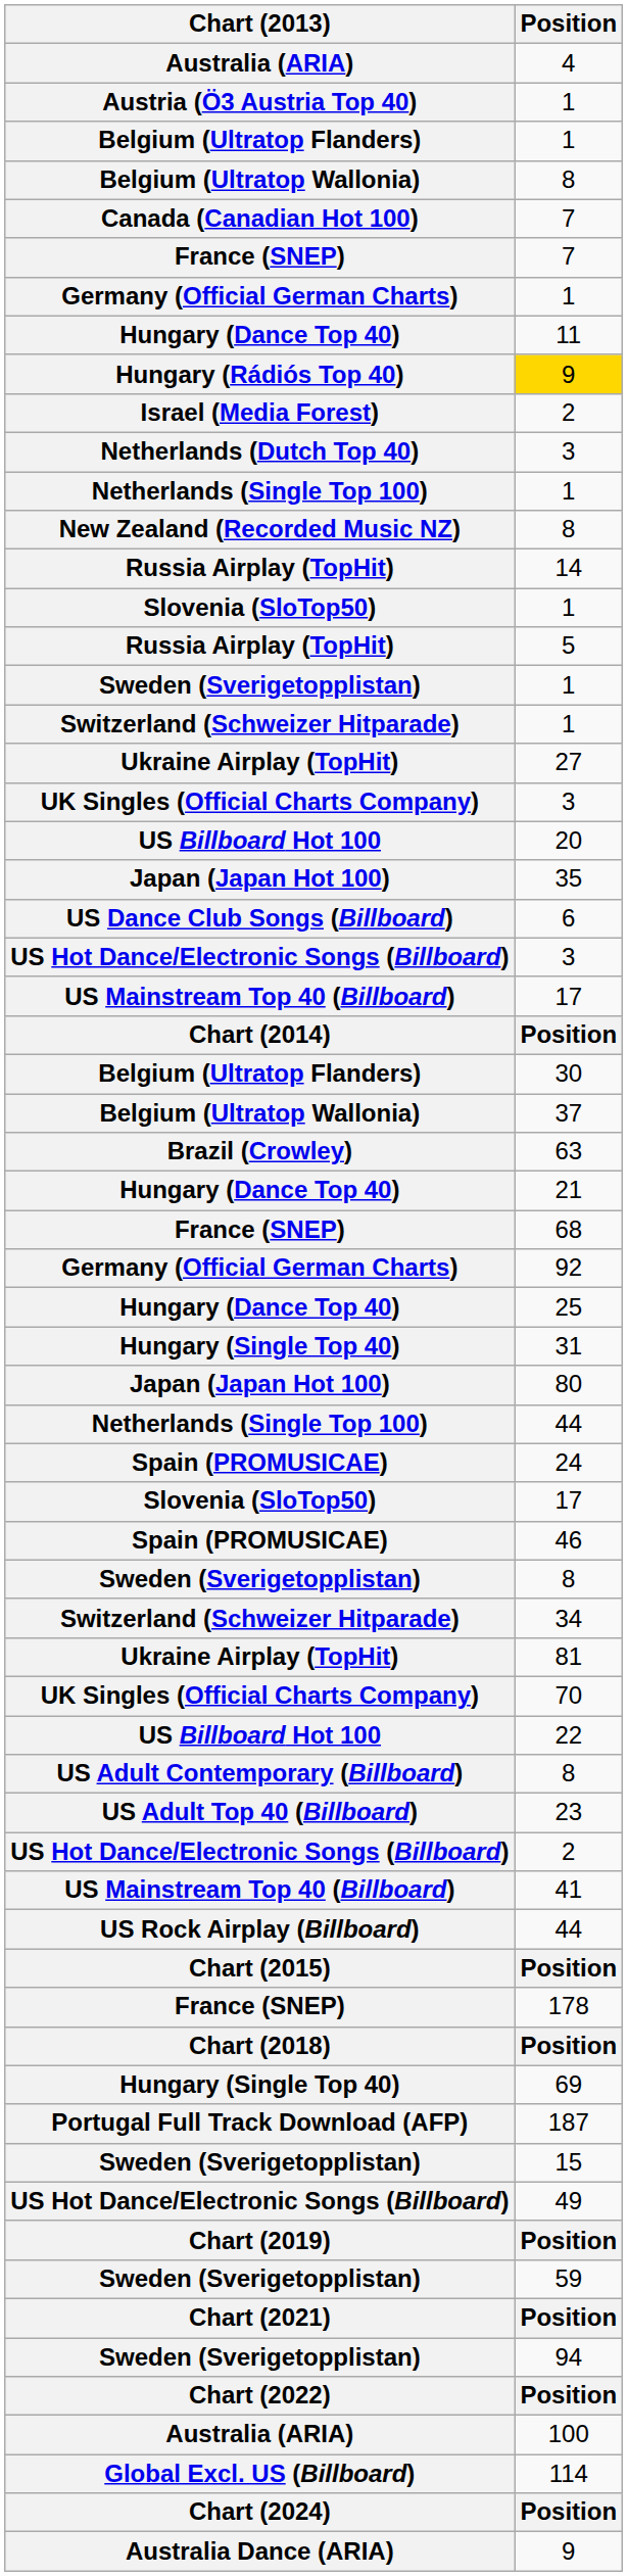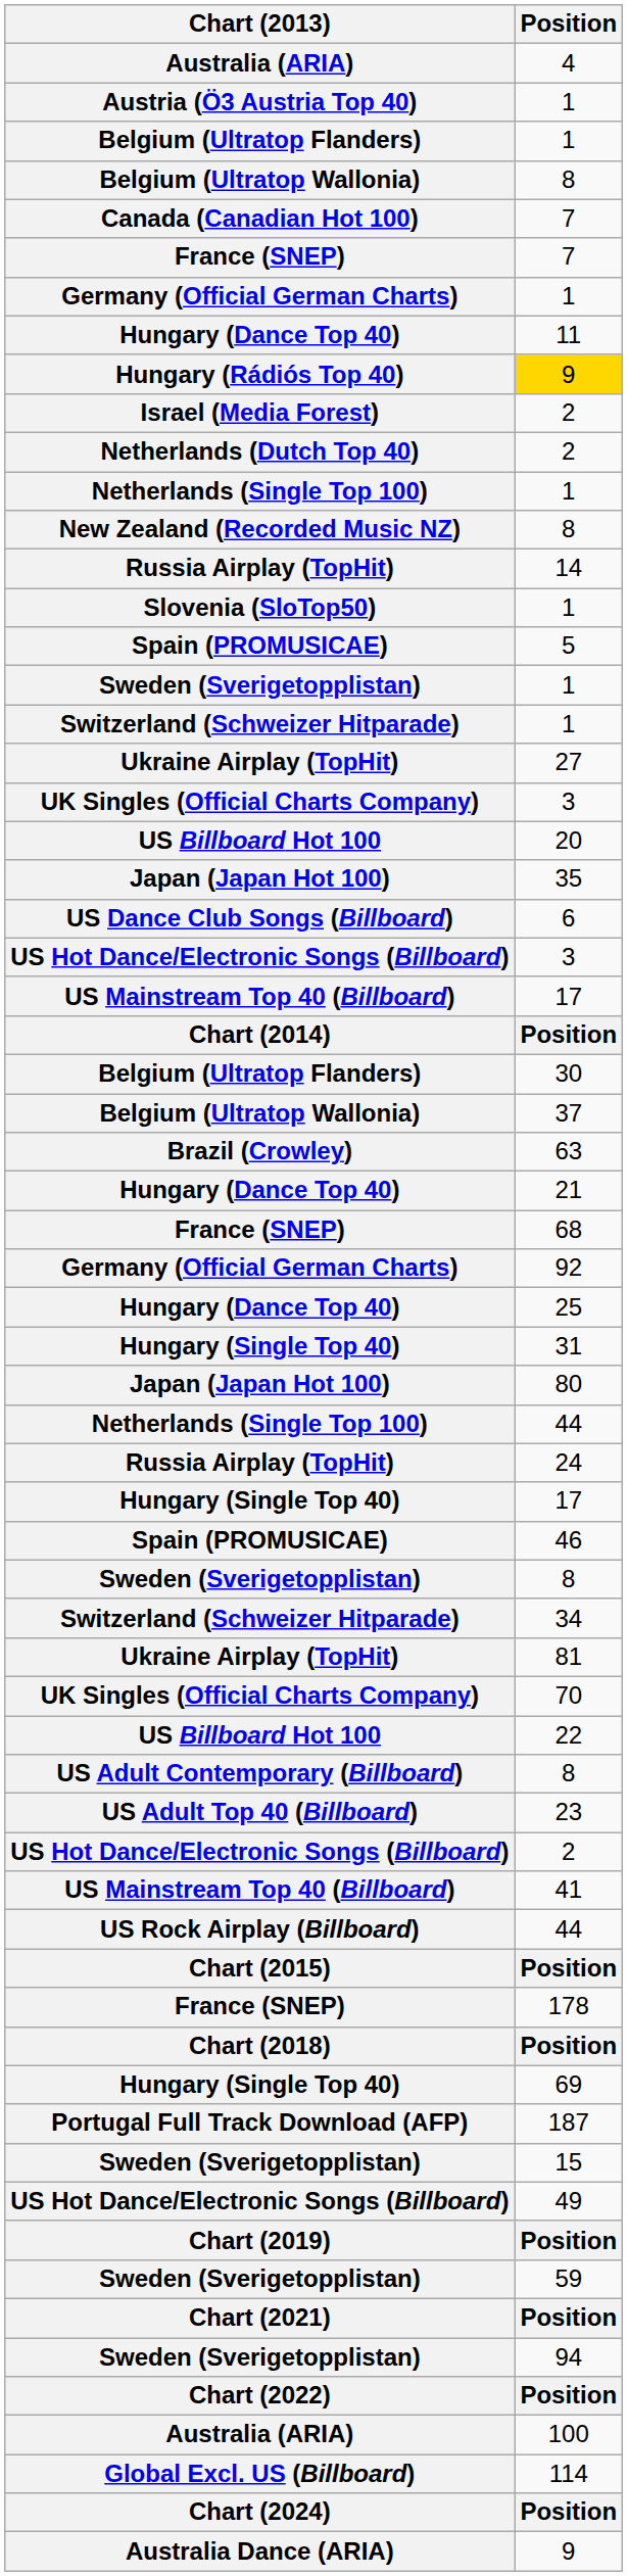 <table class="wikitable plainrowheaders sortable" style="text-align:center;">
 <tr>
 <th>Chart (2013)</th>
 <th>Position</th>
 </tr>
 <tr>
 <th scope="row">Australia (<a href='#'>ARIA</a>)</th>
 <td>4</td>
 </tr>
 <tr>
 <th scope="row">Austria (<a href='#'>Ö3 Austria Top 40</a>)</th>
 <td>1</td>
 </tr>
 <tr>
 <th scope="row">Belgium (<a href='#'>Ultratop</a> Flanders)</th>
 <td>1</td>
 </tr>
 <tr>
 <th scope="row">Belgium (<a href='#'>Ultratop</a> Wallonia)</th>
 <td>8</td>
 </tr>
 <tr>
 <th scope="row">Canada (<a href='#'>Canadian Hot 100</a>)</th>
 <td>7</td>
 </tr>
 <tr>
 <th scope="row">France (<a href='#'>SNEP</a>)</th>
 <td>7</td>
 </tr>
 <tr>
 <th scope="row">Germany (<a href='#'>Official German Charts</a>)</th>
 <td>1</td>
 </tr>
 <tr>
 <th scope="row">Hungary (<a href='#'>Dance Top 40</a>)</th>
 <td>11</td>
 </tr>
 <tr>
 <th scope="row">Hungary (<a href='#'>Rádiós Top 40</a>)</th>
 <td style="background: gold;">9</td>
 </tr>
 <tr>
 <th scope="row">Israel (<a href='#'>Media Forest</a>)</th>
 <td>2</td>
 </tr>
 <tr>
 <th scope="row">Netherlands (<a href='#'>Dutch Top 40</a>)</th>
-<td>3</td>
+<td>2</td>
 </tr>
 <tr>
 <th scope="row">Netherlands (<a href='#'>Single Top 100</a>)</th>
 <td>1</td>
 </tr>
 <tr>
 <th scope="row">New Zealand (<a href='#'>Recorded Music NZ</a>)</th>
 <td>8</td>
 </tr>
 <tr>
 <th scope="row">Russia Airplay (<a href='#'>TopHit</a>)</th>
 <td>14</td>
 </tr>
 <tr>
 <th scope="row">Slovenia (<a href='#'>SloTop50</a>)</th>
 <td>1</td>
 </tr>
 <tr>
-<th scope="row">Russia Airplay (<a href='#'>TopHit</a>)</th>
+<th scope="row">Spain (<a href='#'>PROMUSICAE</a>)</th>
 <td>5</td>
 </tr>
 <tr>
 <th scope="row">Sweden (<a href='#'>Sverigetopplistan</a>)</th>
 <td>1</td>
 </tr>
 <tr>
 <th scope="row">Switzerland (<a href='#'>Schweizer Hitparade</a>)</th>
 <td>1</td>
 </tr>
 <tr>
 <th scope="row">Ukraine Airplay (<a href='#'>TopHit</a>)</th>
 <td>27</td>
 </tr>
 <tr>
 <th scope="row">UK Singles (<a href='#'>Official Charts Company</a>)</th>
 <td>3</td>
 </tr>
 <tr>
 <th scope="row">US <a href='#'><em>Billboard</em> Hot 100</a></th>
 <td>20</td>
 </tr>
 <tr>
 <th scope="row">Japan (<a href='#'>Japan Hot 100</a>)</th>
 <td>35</td>
 </tr>
 <tr>
 <th scope="row">US <a href='#'>Dance Club Songs</a> (<em><a href='#'>Billboard</a></em>)</th>
 <td>6</td>
 </tr>
 <tr>
 <th scope="row">US <a href='#'>Hot Dance/Electronic Songs</a> (<em><a href='#'>Billboard</a></em>)</th>
 <td>3</td>
 </tr>
 <tr>
 <th scope="row">US <a href='#'>Mainstream Top 40</a> (<em><a href='#'>Billboard</a></em>)</th>
 <td>17</td>
 </tr>
 <tr>
 <th>Chart (2014)</th>
 <th>Position</th>
 </tr>
 <tr>
 <th scope="row">Belgium (<a href='#'>Ultratop</a> Flanders)</th>
 <td>30</td>
 </tr>
 <tr>
 <th scope="row">Belgium (<a href='#'>Ultratop</a> Wallonia)</th>
 <td>37</td>
 </tr>
 <tr>
 <th scope="row">Brazil (<a href='#'>Crowley</a>)</th>
 <td>63</td>
 </tr>
 <tr>
 <th scope="row">Hungary (<a href='#'>Dance Top 40</a>)</th>
 <td>21</td>
 </tr>
 <tr>
 <th scope="row">France (<a href='#'>SNEP</a>)</th>
 <td>68</td>
 </tr>
 <tr>
 <th scope="row">Germany (<a href='#'>Official German Charts</a>)</th>
 <td>92</td>
 </tr>
 <tr>
 <th scope="row">Hungary (<a href='#'>Dance Top 40</a>)</th>
 <td>25</td>
 </tr>
 <tr>
 <th scope="row">Hungary (<a href='#'>Single Top 40</a>)</th>
 <td>31</td>
 </tr>
 <tr>
 <th scope="row">Japan (<a href='#'>Japan Hot 100</a>)</th>
 <td>80</td>
 </tr>
 <tr>
 <th scope="row">Netherlands (<a href='#'>Single Top 100</a>)</th>
 <td>44</td>
 </tr>
 <tr>
-<th scope="row">Spain (<a href='#'>PROMUSICAE</a>)</th>
+<th scope="row">Russia Airplay (<a href='#'>TopHit</a>)</th>
 <td style="text-align:center;">24</td>
 </tr>
 <tr>
-<th scope="row">Slovenia (<a href='#'>SloTop50</a>)</th>
+<th scope="row">Hungary (Single Top 40)</th>
 <td>17</td>
 </tr>
 <tr>
 <th scope="row">Spain (PROMUSICAE)</th>
 <td>46</td>
 </tr>
 <tr>
 <th scope="row">Sweden (<a href='#'>Sverigetopplistan</a>)</th>
 <td>8</td>
 </tr>
 <tr>
 <th scope="row">Switzerland (<a href='#'>Schweizer Hitparade</a>)</th>
 <td>34</td>
 </tr>
 <tr>
 <th scope="row">Ukraine Airplay (<a href='#'>TopHit</a>)</th>
 <td style="text-align:center;">81</td>
 </tr>
 <tr>
 <th scope="row">UK Singles (<a href='#'>Official Charts Company</a>)</th>
 <td style="text-align:center;">70</td>
 </tr>
 <tr>
 <th scope=row>US <a href='#'><em>Billboard</em> Hot 100</a></th>
 <td>22</td>
 </tr>
 <tr>
 <th scope="row">US <a href='#'>Adult Contemporary</a> (<em><a href='#'>Billboard</a></em>)</th>
 <td>8</td>
 </tr>
 <tr>
 <th scope="row">US <a href='#'>Adult Top 40</a> (<em><a href='#'>Billboard</a></em>)</th>
 <td>23</td>
 </tr>
 <tr>
 <th scope="row">US <a href='#'>Hot Dance/Electronic Songs</a> (<em><a href='#'>Billboard</a></em>)</th>
 <td>2</td>
 </tr>
 <tr>
 <th scope="row">US <a href='#'>Mainstream Top 40</a> (<em><a href='#'>Billboard</a></em>)</th>
 <td>41</td>
 </tr>
 <tr>
 <th scope="row">US Rock Airplay (<em>Billboard</em>)</th>
 <td>44</td>
 </tr>
 <tr>
 <th>Chart (2015)</th>
 <th>Position</th>
 </tr>
 <tr>
 <th scope="row">France (SNEP)</th>
 <td>178</td>
 </tr>
 <tr>
 <th>Chart (2018)</th>
 <th>Position</th>
 </tr>
 <tr>
 <th scope="row">Hungary (Single Top 40)</th>
 <td>69</td>
 </tr>
 <tr>
 <th scope="row">Portugal Full Track Download (AFP)</th>
 <td>187</td>
 </tr>
 <tr>
 <th scope="row">Sweden (Sverigetopplistan)</th>
 <td>15</td>
 </tr>
 <tr>
 <th scope="row">US Hot Dance/Electronic Songs (<em>Billboard</em>)</th>
 <td>49</td>
 </tr>
 <tr>
 <th>Chart (2019)</th>
 <th>Position</th>
 </tr>
 <tr>
 <th scope="row">Sweden (Sverigetopplistan)</th>
 <td>59</td>
 </tr>
 <tr>
 <th>Chart (2021)</th>
 <th>Position</th>
 </tr>
 <tr>
 <th scope="row">Sweden (Sverigetopplistan)</th>
 <td>94</td>
 </tr>
 <tr>
 <th>Chart (2022)</th>
 <th>Position</th>
 </tr>
 <tr>
 <th scope="row">Australia (ARIA)</th>
 <td>100</td>
 </tr>
 <tr>
 <th scope="row"><a href='#'>Global Excl. US</a> (<em>Billboard</em>)</th>
 <td>114</td>
 </tr>
 <tr>
 <th>Chart (2024)</th>
 <th>Position</th>
 </tr>
 <tr>
 <th scope="row">Australia Dance (ARIA)</th>
 <td>9</td>
 </tr>
 </table>
